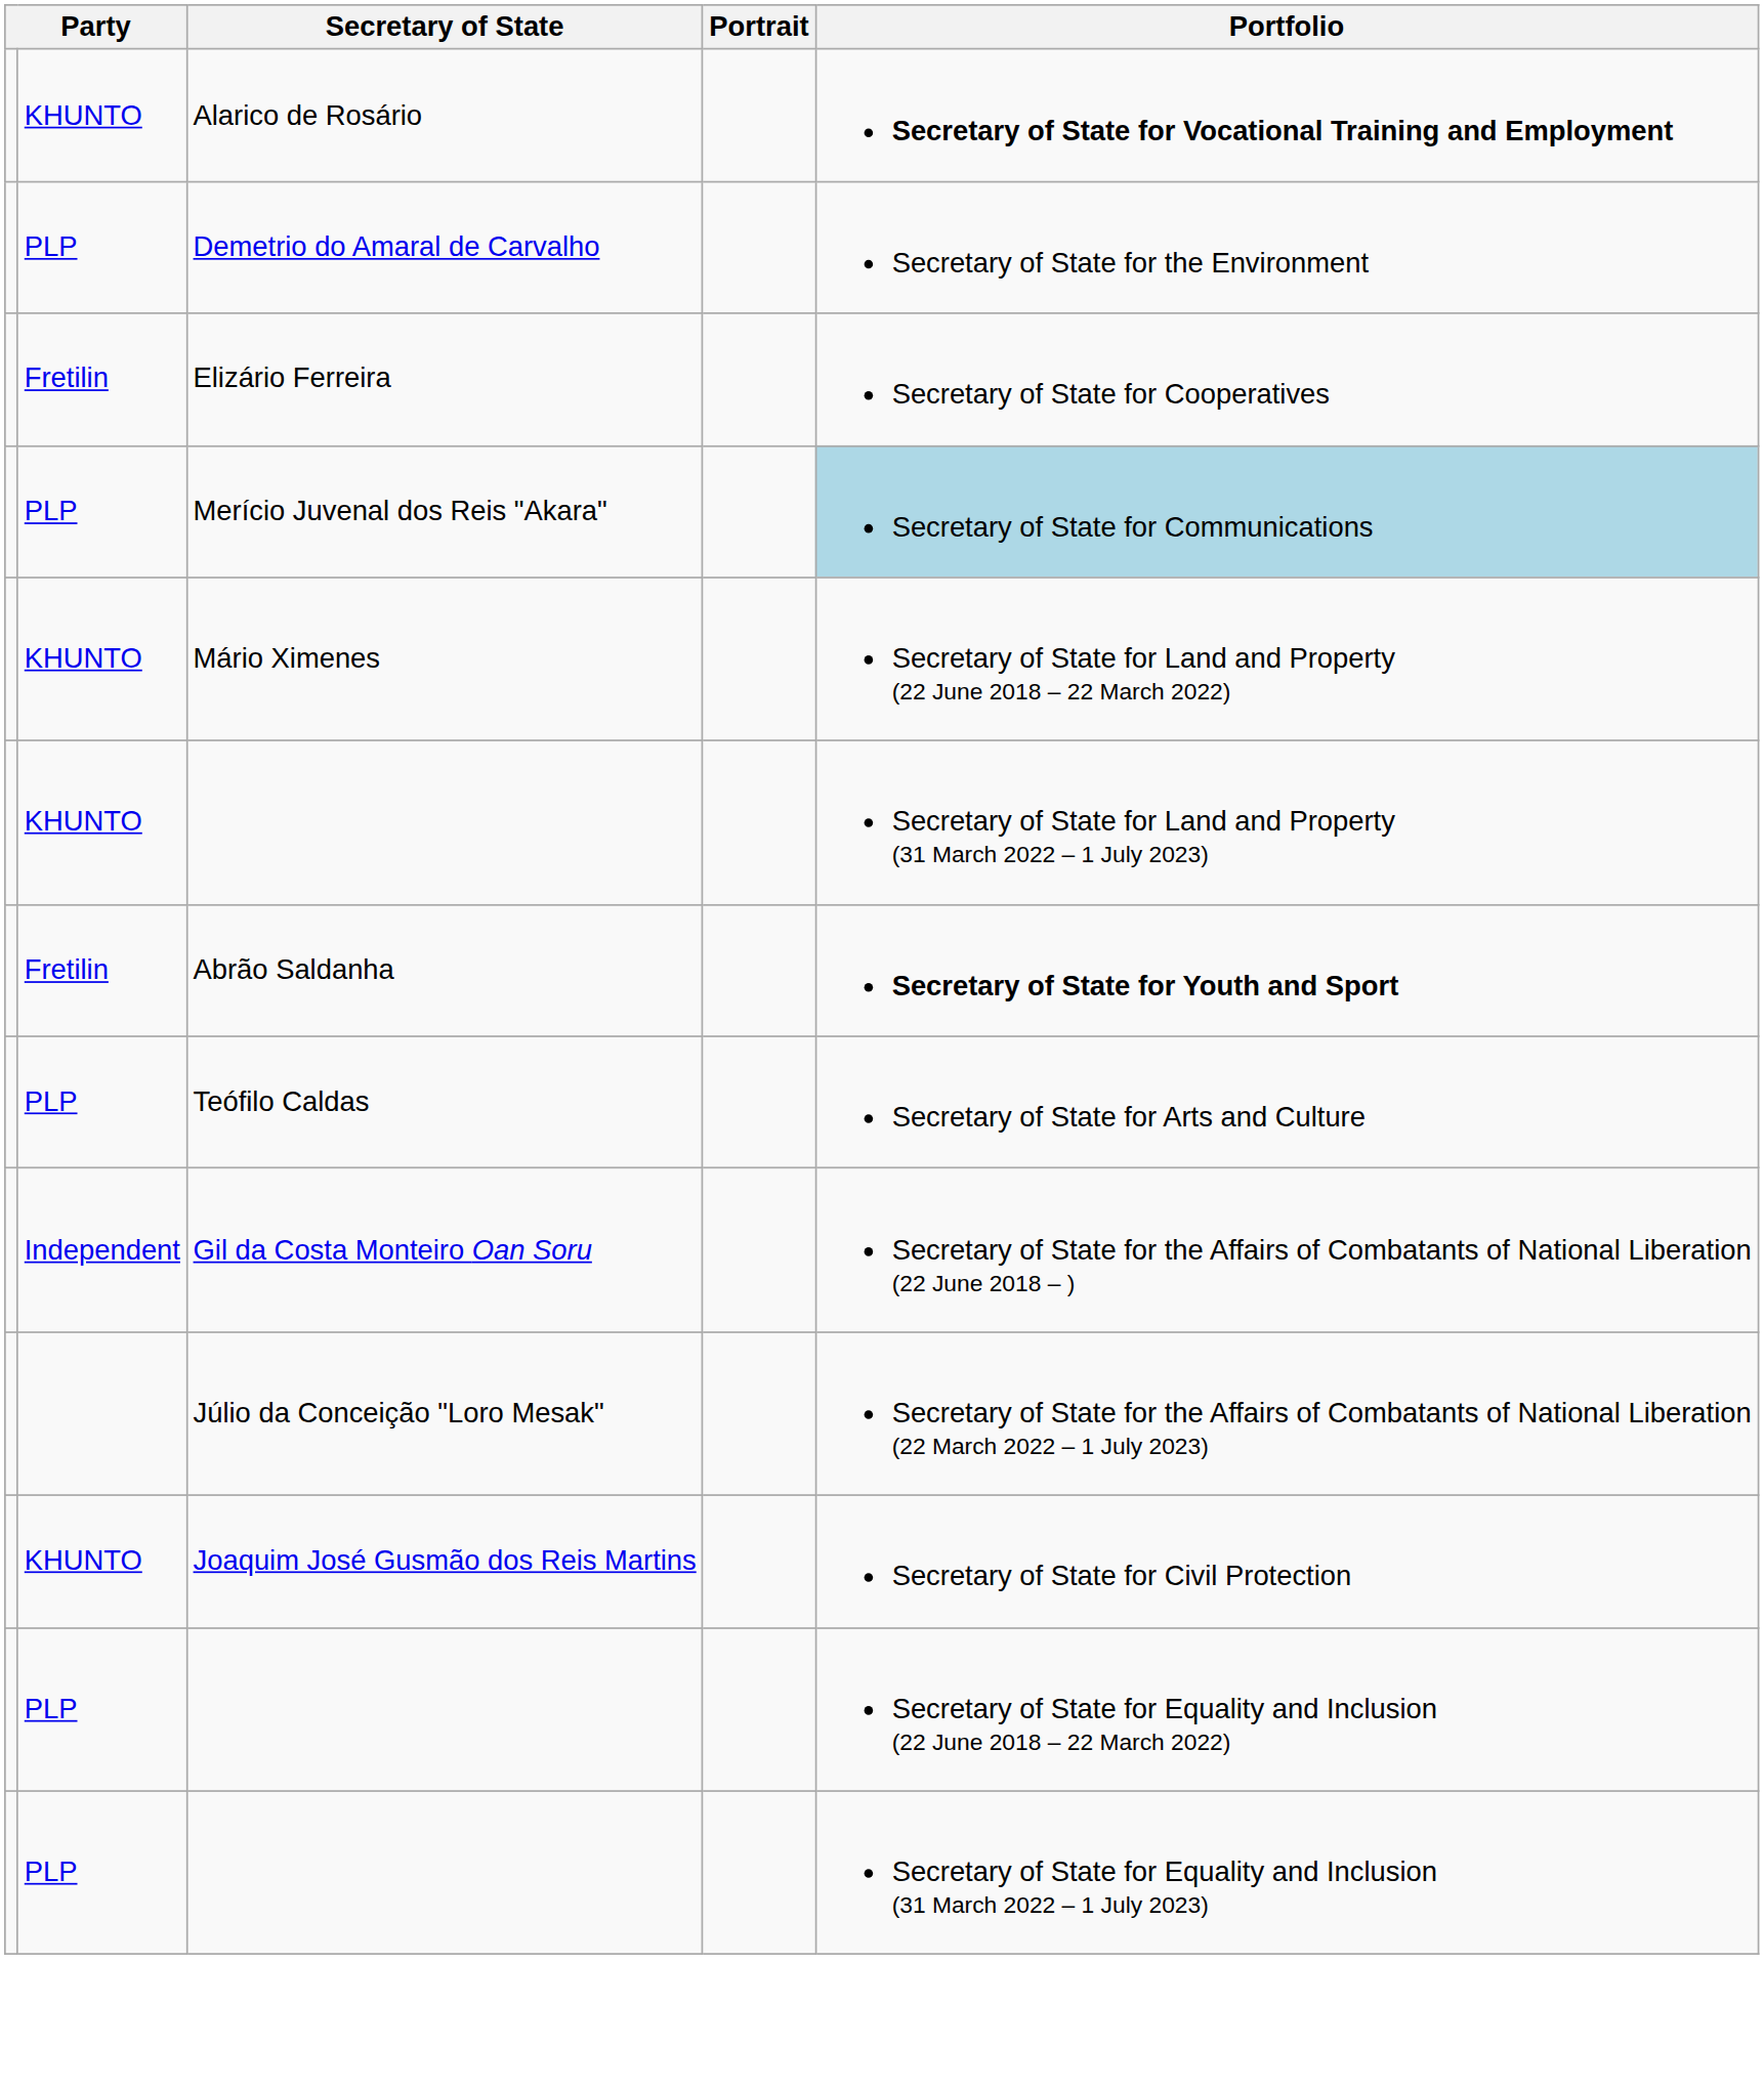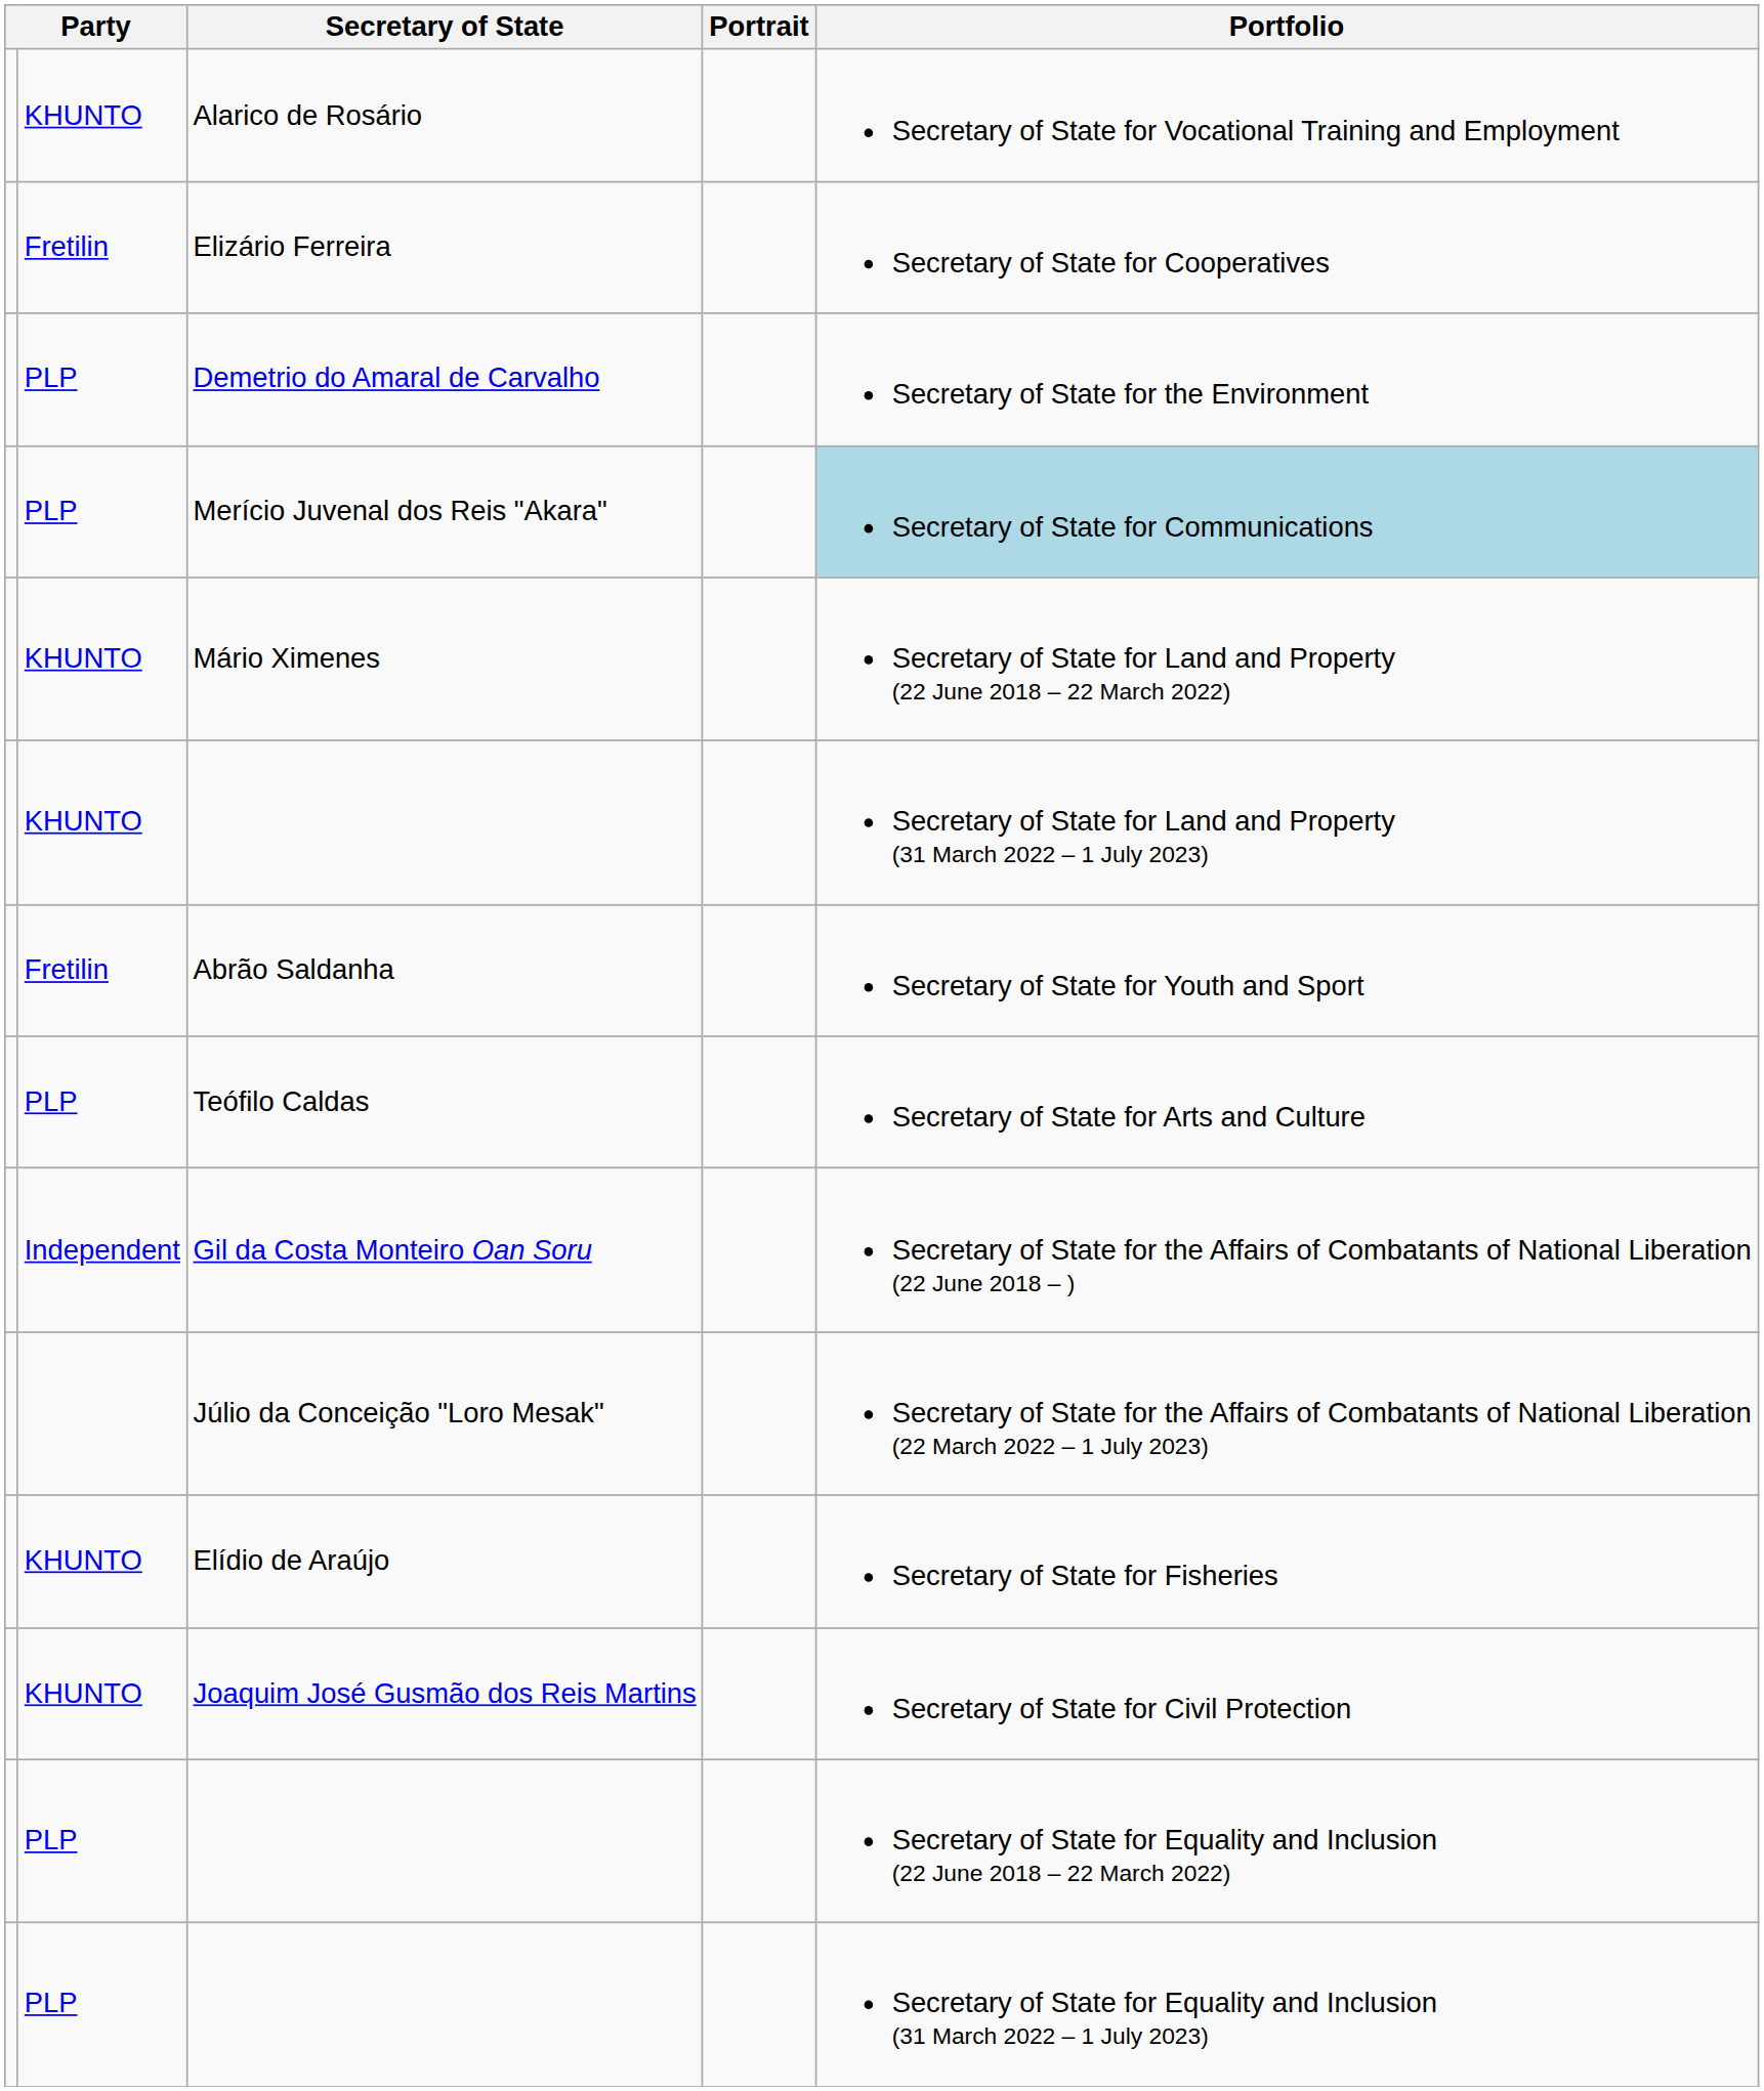 <table class="wikitable sortable">
 <tr>
 <th colspan="2">Party</th>
 <th>Secretary of State</th>
 <th>Portrait</th>
 <th>Portfolio</th>
 </tr>
 <tr>
 <td style="background:"></td>
 <td><a href='#'>KHUNTO</a></td>
 <td>Alarico de Rosário</td>
 <td></td>
-<td><strong><br><ul><li>Secretary of State for Vocational Training and Employment</li></ul></strong></td>
+<td><br><ul><li>Secretary of State for Vocational Training and Employment</li></ul></td>
+</tr>
+<tr>
+<td style="background:"></td>
+<td><a href='#'>Fretilin</a></td>
+<td>Elizário Ferreira</td>
+<td></td>
+<td><br><ul><li>Secretary of State for Cooperatives</li></ul></td>
 </tr>
 <tr>
 <td style="background:"></td>
 <td><a href='#'>PLP</a></td>
 <td><a href='#'>Demetrio do Amaral de Carvalho</a></td>
 <td></td>
 <td><br><ul><li>Secretary of State for the Environment</li></ul></td>
-</tr>
-<tr>
-<td style="background:"></td>
-<td><a href='#'>Fretilin</a></td>
-<td>Elizário Ferreira</td>
-<td></td>
-<td><br><ul><li>Secretary of State for Cooperatives</li></ul></td>
 </tr>
 <tr>
 <td style="background:"></td>
 <td><a href='#'>PLP</a></td>
 <td>Merício Juvenal dos Reis "Akara"</td>
 <td></td>
 <td style="background: lightblue;"><br><ul><li>Secretary of State for Communications</li></ul></td>
 </tr>
 <tr>
 <td style="background:"></td>
 <td><a href='#'>KHUNTO</a></td>
 <td>Mário Ximenes</td>
 <td></td>
 <td><br><ul><li>Secretary of State for Land and Property<br><small>(22 June 2018 – 22 March 2022)</small></li></ul></td>
 </tr>
 <tr>
 <td style="background:"></td>
 <td><a href='#'>KHUNTO</a></td>
 <td></td>
 <td></td>
 <td><br><ul><li>Secretary of State for Land and Property<br><small>(31 March 2022 – 1 July 2023)</small></li></ul></td>
 </tr>
 <tr>
 <td style="background:"></td>
 <td><a href='#'>Fretilin</a></td>
 <td>Abrão Saldanha</td>
 <td></td>
-<td><strong><br><ul><li>Secretary of State for Youth and Sport</li></ul></strong></td>
+<td><br><ul><li>Secretary of State for Youth and Sport</li></ul></td>
 </tr>
 <tr>
 <td style="background:"></td>
 <td><a href='#'>PLP</a></td>
 <td>Teófilo Caldas</td>
 <td></td>
 <td><br><ul><li>Secretary of State for Arts and Culture</li></ul></td>
 </tr>
 <tr>
 <td style="background:"></td>
 <td><a href='#'>Independent</a></td>
 <td><a href='#'>Gil da Costa Monteiro <em>Oan Soru</em></a></td>
 <td></td>
 <td><br><ul><li>Secretary of State for the Affairs of Combatants of National Liberation<br><small>(22 June 2018 – )</small></li></ul></td>
 </tr>
 <tr>
 <td></td>
 <td></td>
 <td>Júlio da Conceição "Loro Mesak"</td>
 <td></td>
 <td><br><ul><li>Secretary of State for the Affairs of Combatants of National Liberation<br><small>(22 March 2022 – 1 July 2023)</small></li></ul></td>
 </tr>
 <tr>
 <td style="background:"></td>
 <td><a href='#'>KHUNTO</a></td>
+<td>Elídio de Araújo</td>
+<td></td>
+<td><br><ul><li>Secretary of State for Fisheries</li></ul></td>
+</tr>
+<tr>
+<td style="background:"></td>
+<td><a href='#'>KHUNTO</a></td>
 <td><a href='#'>Joaquim José Gusmão dos Reis Martins</a></td>
 <td></td>
 <td><br><ul><li>Secretary of State for Civil Protection</li></ul></td>
 </tr>
 <tr>
 <td style="background:"></td>
 <td><a href='#'>PLP</a></td>
 <td></td>
 <td></td>
 <td><br><ul><li>Secretary of State for Equality and Inclusion<br><small>(22 June 2018 – 22 March 2022)</small></li></ul></td>
 </tr>
 <tr>
 <td style="background:"></td>
 <td><a href='#'>PLP</a></td>
 <td></td>
 <td></td>
 <td><br><ul><li>Secretary of State for Equality and Inclusion<br><small>(31 March 2022 – 1 July 2023)</small></li></ul></td>
 </tr>
 </table>
